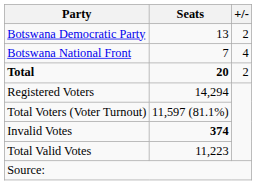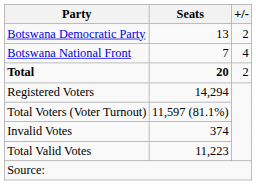 <table class=wikitable style=text-align:right>
 <tr>
 <th>Party</th>
 <th>Seats</th>
 <th>+/-</th>
 </tr>
 <tr>
 <td align=left><a href='#'>Botswana Democratic Party</a></td>
 <td>13</td>
 <td>2</td>
 </tr>
 <tr>
 <td align=left><a href='#'>Botswana National Front</a></td>
 <td>7</td>
 <td>4</td>
 </tr>
 <tr>
 <td align=left><strong>Total</strong></td>
 <td><strong>20</strong></td>
 <td>2</td>
 </tr>
 <tr>
 <td align=left>Registered Voters</td>
 <td>14,294</td>
 </tr>
 <tr>
 <td align=left>Total Voters (Voter Turnout)</td>
 <td>11,597 (81.1%)</td>
 </tr>
 <tr>
 <td align=left>Invalid Votes</td>
-<td><strong>374</strong></td>
+<td>374</td>
 </tr>
 <tr>
 <td align=left>Total Valid Votes</td>
 <td>11,223</td>
 </tr>
 <tr>
 <td colspan=4 align=left>Source: </td>
 </tr>
 </table>
